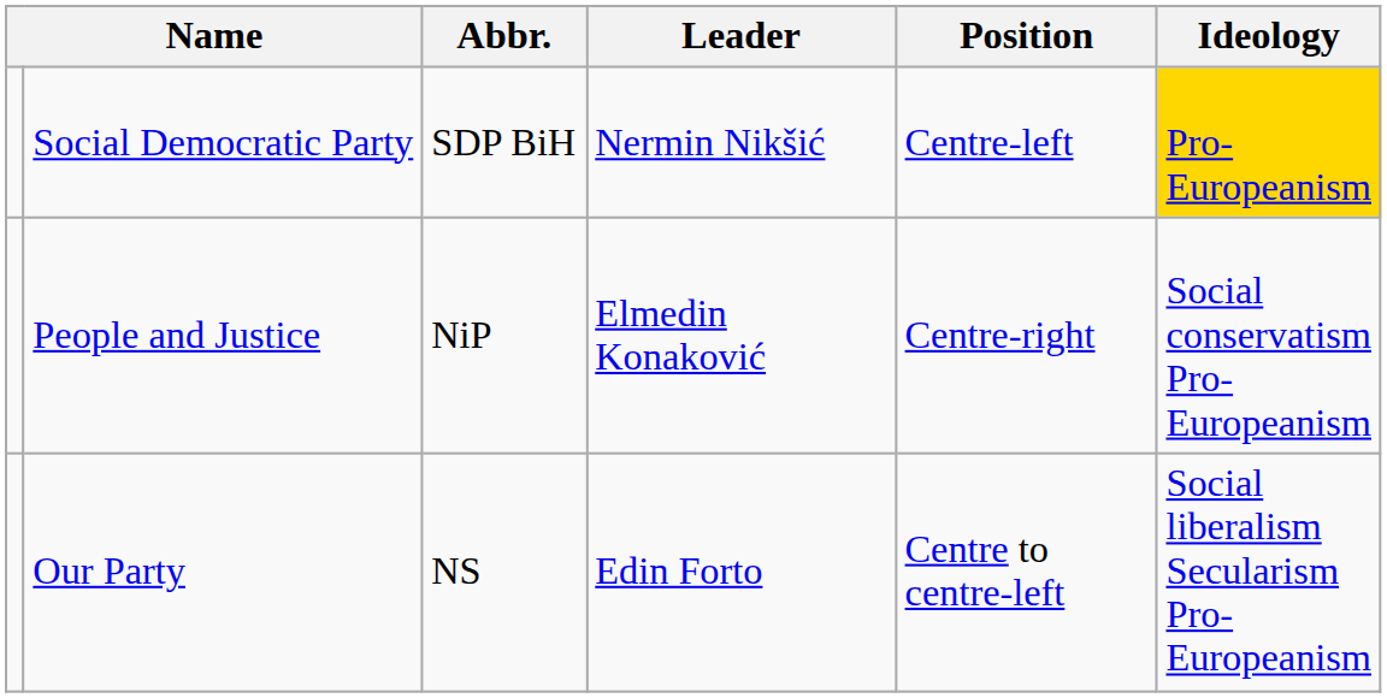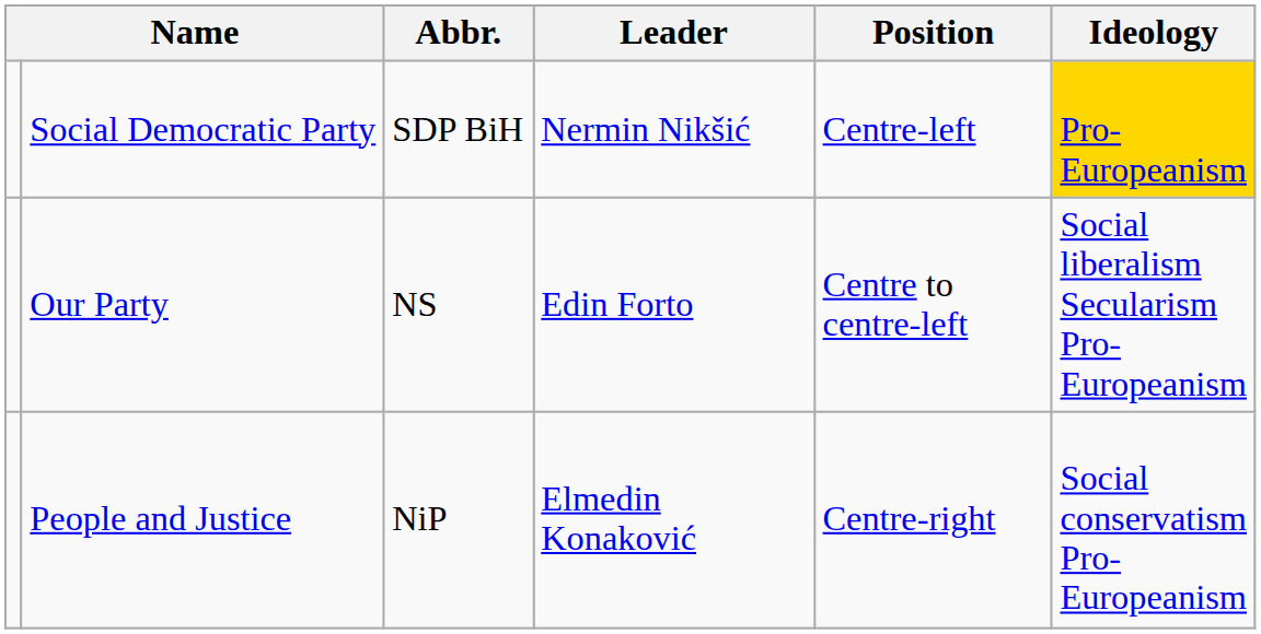 <table class="wikitable">
 <tr>
 <th colspan="2">Name</th>
 <th width=60px>Abbr.</th>
 <th width=120px>Leader</th>
 <th width=100px>Position</th>
 <th width=60px>Ideology</th>
 </tr>
 <tr>
 <td style="background-color: "></td>
 <td><a href='#'>Social Democratic Party</a> <br> <small></small></td>
 <td>SDP BiH</td>
 <td><a href='#'>Nermin Nikšić</a></td>
 <td><a href='#'>Centre-left</a></td>
 <td style="background: gold;"> <br> <a href='#'>Pro-Europeanism</a></td>
 </tr>
 <tr>
 <td style="background-color: "></td>
+<td><a href='#'>Our Party</a> <br> <small></small></td>
+<td>NS</td>
+<td><a href='#'>Edin Forto</a></td>
+<td><a href='#'>Centre</a> to <a href='#'>centre-left</a></td>
+<td><a href='#'>Social liberalism</a> <br> <a href='#'>Secularism</a> <br> <a href='#'>Pro-Europeanism</a></td>
+</tr>
+<tr>
+<td style="background-color: "></td>
 <td><a href='#'>People and Justice</a> <br> <small></small></td>
 <td>NiP</td>
 <td><a href='#'>Elmedin Konaković</a></td>
 <td><a href='#'>Centre-right</a></td>
 <td> <br> <a href='#'>Social conservatism</a> <br> <a href='#'>Pro-Europeanism</a></td>
 </tr>
-<tr>
-<td style="background-color: "></td>
-<td><a href='#'>Our Party</a> <br> <small></small></td>
-<td>NS</td>
-<td><a href='#'>Edin Forto</a></td>
-<td><a href='#'>Centre</a> to <a href='#'>centre-left</a></td>
-<td><a href='#'>Social liberalism</a> <br> <a href='#'>Secularism</a> <br> <a href='#'>Pro-Europeanism</a></td>
-</tr>
 </table>
